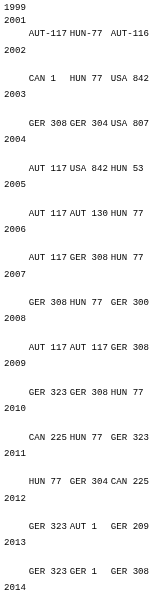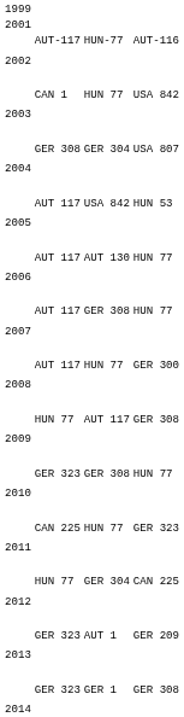 <table>
 <tr>
 <td>1999</td>
 <td></td>
 <td></td>
 <td></td>
 <td></td>
 </tr>
 <tr>
 <td>2001</td>
 <td></td>
 <td></td>
 <td></td>
 <td></td>
 </tr>
 <tr>
 <td>2002</td>
 <td>AUT-117 <br><br><br><br> </td>
 <td>HUN-77 <br><br><br><br> </td>
 <td>AUT-116 <br><br><br><br> </td>
 </tr>
 <tr>
 <td>2003</td>
 <td>CAN 1 <br><br><br><br> </td>
 <td>HUN 77 <br><br><br><br> </td>
 <td>USA 842 <br><br><br><br> </td>
 </tr>
 <tr>
 <td>2004</td>
 <td>GER 308 <br><br><br><br> </td>
 <td>GER 304 <br><br><br><br> </td>
 <td>USA 807 <br><br><br><br> </td>
 </tr>
 <tr>
 <td>2005</td>
 <td>AUT 117 <br><br><br><br> </td>
 <td>USA 842 <br><br><br><br> </td>
 <td>HUN 53 <br><br><br><br> </td>
 </tr>
 <tr>
 <td>2006</td>
 <td>AUT 117 <br><br><br><br> </td>
 <td>AUT 130 <br><br><br><br> </td>
 <td>HUN 77 <br><br><br><br> </td>
 </tr>
 <tr>
 <td>2007</td>
 <td>AUT 117 <br><br><br><br> </td>
 <td>GER 308 <br><br><br><br> </td>
 <td>HUN 77 <br><br><br><br> </td>
 </tr>
 <tr>
 <td>2008</td>
-<td>GER 308 <br><br><br><br> </td>
+<td>AUT 117 <br><br><br><br> </td>
 <td>HUN 77 <br><br><br><br> </td>
 <td>GER 300 <br><br><br><br> </td>
 </tr>
 <tr>
 <td>2009</td>
-<td>AUT 117 <br><br><br><br> </td>
+<td>HUN 77 <br><br><br><br> </td>
 <td>AUT 117 <br><br><br><br> </td>
 <td>GER 308 <br><br><br><br> </td>
 </tr>
 <tr>
 <td>2010</td>
 <td>GER 323 <br><br><br><br> </td>
 <td>GER 308 <br><br><br><br> </td>
 <td>HUN 77 <br><br><br><br> </td>
 </tr>
 <tr>
 <td>2011</td>
 <td>CAN 225 <br><br><br><br> </td>
 <td>HUN 77 <br><br><br><br> </td>
 <td>GER 323 <br><br><br><br> </td>
 </tr>
 <tr>
 <td>2012</td>
 <td>HUN 77 <br><br><br><br> </td>
 <td>GER 304 <br><br><br><br> </td>
 <td>CAN 225 <br><br><br><br> </td>
 </tr>
 <tr>
 <td>2013</td>
 <td>GER 323 <br><br><br><br> </td>
 <td>AUT 1 <br><br><br><br> </td>
 <td>GER 209 <br><br><br><br> </td>
 </tr>
 <tr>
 <td>2014</td>
 <td>GER 323 <br><br><br><br> </td>
 <td>GER 1 <br><br><br><br> </td>
 <td>GER 308 <br><br><br><br> </td>
 </tr>
 </table>
